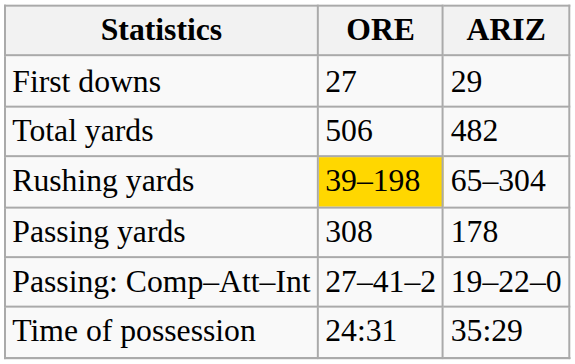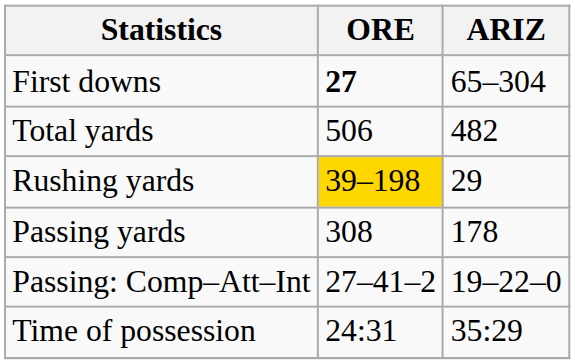 <table class="wikitable" style="float: left;">
 <tr>
 <th>Statistics</th>
 <th>ORE</th>
 <th>ARIZ</th>
 </tr>
 <tr>
 <td>First downs</td>
-<td>27</td>
-<td>29</td>
+<td><strong>27</strong></td>
+<td>65–304</td>
 </tr>
 <tr>
 <td>Total yards</td>
 <td>506</td>
 <td>482</td>
 </tr>
 <tr>
 <td>Rushing yards</td>
 <td style="background: gold;">39–198</td>
-<td>65–304</td>
+<td>29</td>
 </tr>
 <tr>
 <td>Passing yards</td>
 <td>308</td>
 <td>178</td>
 </tr>
 <tr>
 <td>Passing: Comp–Att–Int</td>
 <td>27–41–2</td>
 <td>19–22–0</td>
 </tr>
 <tr>
 <td>Time of possession</td>
 <td>24:31</td>
 <td>35:29</td>
 </tr>
 <tr>
 </tr>
 </table>
